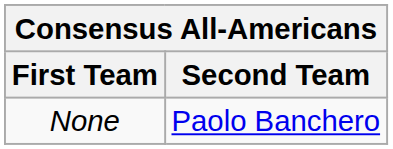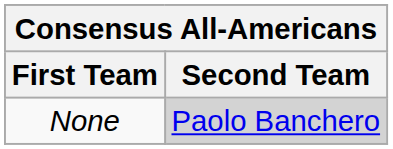 <table class="wikitable" style="font-size: 95%; text-align: center;">
 <tr>
 <th Colspan=2>Consensus All-Americans</th>
 </tr>
 <tr>
 <th>First Team</th>
 <th>Second Team</th>
 </tr>
 <tr>
 <td><em>None</em></td>
-<td><a href='#'>Paolo Banchero</a></td>
+<td style="background: lightgrey;"><a href='#'>Paolo Banchero</a></td>
 </tr>
 </table>
